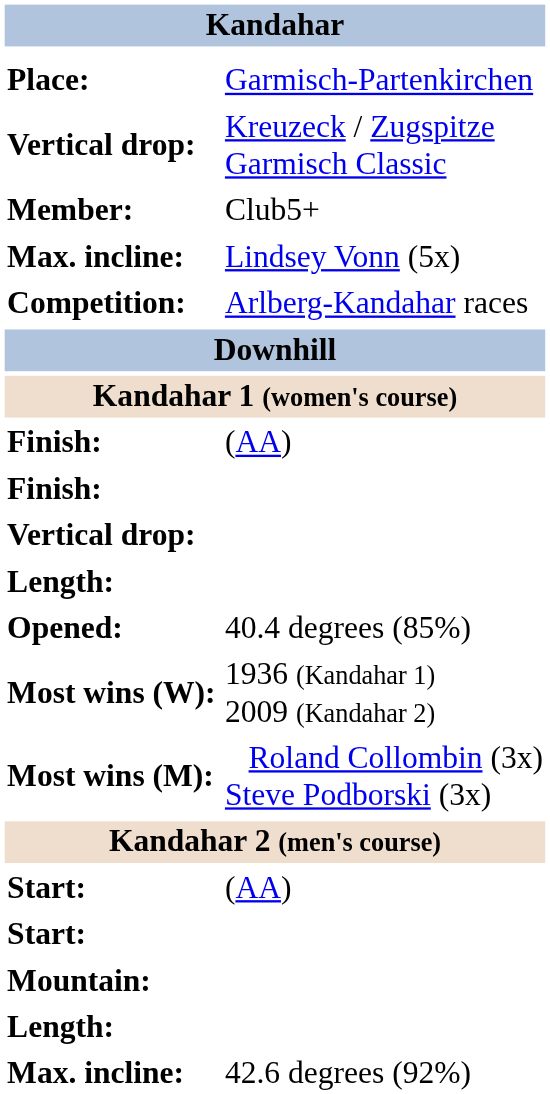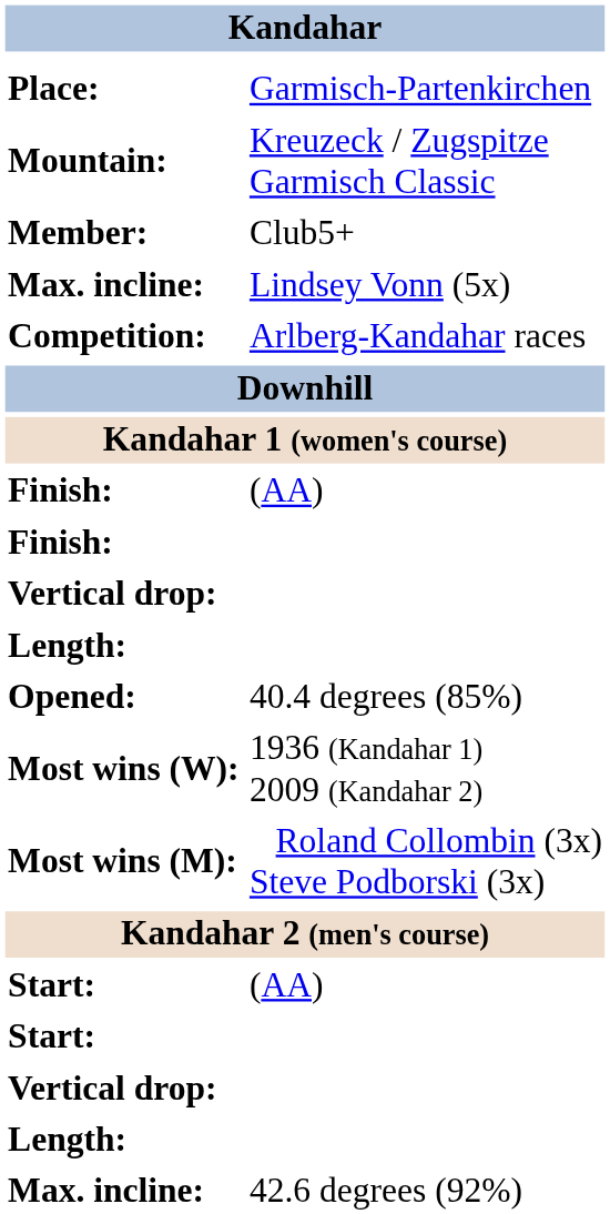 <table border=0 class="toccolours float-right" align="right" style="margin:0 0 0.5em 1em; font-size: 85%;">
 <tr>
 <th bgcolor=#b0c4de colspan=2 align="center">Kandahar</th>
 </tr>
 <tr>
 <td align="center" colspan=2></td>
 </tr>
 <tr>
 <td><strong>Place:</strong></td>
 <td> <a href='#'>Garmisch-Partenkirchen</a></td>
 </tr>
 <tr>
-<td><strong>Vertical drop:</strong></td>
+<td><strong>Mountain:</strong></td>
 <td><a href='#'>Kreuzeck</a> / <a href='#'>Zugspitze</a><br><a href='#'>Garmisch Classic</a></td>
 </tr>
 <tr>
 <td><strong>Member:</strong></td>
 <td>Club5+</td>
 </tr>
 <tr>
 <td><strong>Max. incline:</strong></td>
 <td> <a href='#'>Lindsey Vonn</a> (5x)</td>
 </tr>
 <tr>
 <td><strong>Competition:</strong></td>
 <td><a href='#'>Arlberg-Kandahar</a> races</td>
 </tr>
 <tr>
 <th bgcolor=#b0c4de colspan=2 align="center">Downhill</th>
 </tr>
 <tr>
 <th bgcolor=#EFDECD colspan=2 align="center">Kandahar 1 <small>(women's course)</small></th>
 </tr>
 <tr>
 <td><strong>Finish:</strong></td>
 <td> (<a href='#'>AA</a>)</td>
 </tr>
 <tr>
 <td><strong>Finish:</strong></td>
 <td></td>
 </tr>
 <tr>
 <td><strong>Vertical drop:</strong></td>
 <td></td>
 </tr>
 <tr>
 <td><strong>Length:</strong></td>
 <td></td>
 </tr>
 <tr>
 <td><strong>Opened:</strong></td>
 <td>40.4 degrees (85%)</td>
 </tr>
 <tr>
 <td><strong>Most wins (W):</strong></td>
 <td>1936 <small>(Kandahar 1)</small><br>2009 <small>(Kandahar 2)</small></td>
 </tr>
 <tr>
 <td><strong>Most wins (M):</strong></td>
 <td>   <a href='#'>Roland Collombin</a> (3x)<br> <a href='#'>Steve Podborski</a> (3x)</td>
 </tr>
 <tr>
 <th bgcolor=#EFDECD colspan=2 align="center">Kandahar 2 <small>(men's course)</small></th>
 </tr>
 <tr>
 <td><strong>Start:</strong></td>
 <td> (<a href='#'>AA</a>)</td>
 </tr>
 <tr>
 <td><strong>Start:</strong></td>
 <td></td>
 </tr>
 <tr>
-<td><strong>Mountain:</strong></td>
+<td><strong>Vertical drop:</strong></td>
 <td></td>
 </tr>
 <tr>
 <td><strong>Length:</strong></td>
 <td></td>
 </tr>
 <tr>
 <td><strong>Max. incline:</strong></td>
 <td>42.6 degrees (92%)</td>
 </tr>
 </table>
